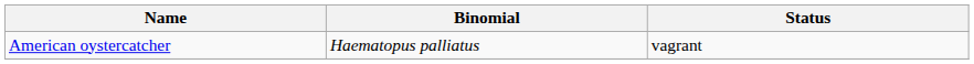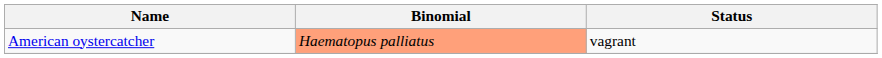 <table width=72% class="wikitable">
 <tr>
 <th width=24%>Name</th>
 <th width=24%>Binomial</th>
 <th width=24%>Status</th>
 </tr>
 <tr>
 <td><a href='#'>American oystercatcher</a></td>
-<td><em>Haematopus palliatus</em></td>
+<td style="background: lightsalmon;"><em>Haematopus palliatus</em></td>
 <td>vagrant</td>
 </tr>
 <tr>
 </tr>
 </table>
